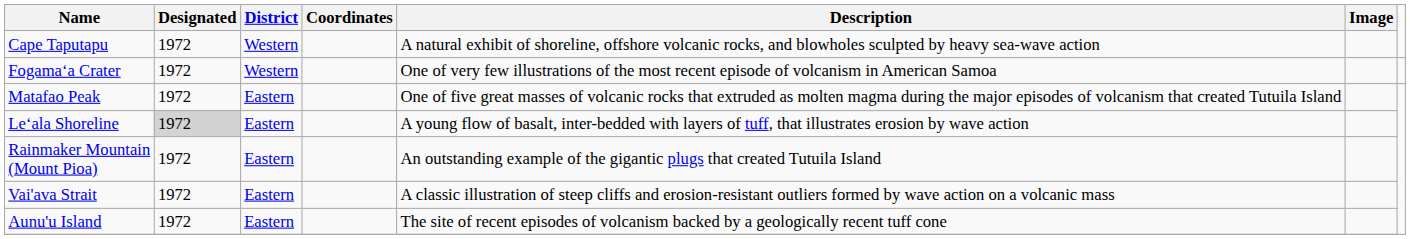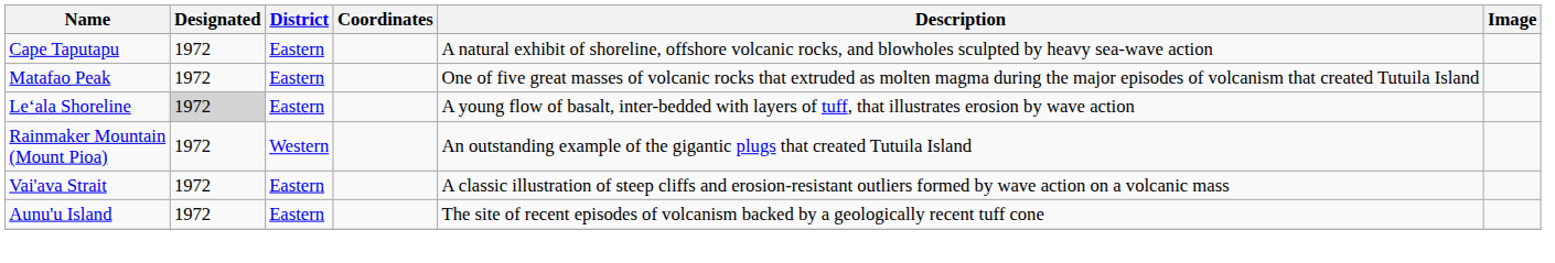 <table class="wikitable sortable" align="center">
 <tr>
 <th style="background-color:"><strong>Name</strong></th>
 <th style="background-color:"><strong>Designated</strong></th>
 <th style="background-color:"><strong><a href='#'>District</a></strong></th>
 <th style="background-color:"><strong>Coordinates</strong></th>
 <th style="background-color:"><strong>Description</strong></th>
 <th style="background-color:"><strong>Image</strong></th>
 </tr>
 <tr>
 <td><a href='#'>Cape Taputapu</a></td>
 <td>1972</td>
-<td><a href='#'>Western</a></td>
+<td><a href='#'>Eastern</a></td>
 <td></td>
 <td>A natural exhibit of shoreline, offshore volcanic rocks, and blowholes sculpted by heavy sea-wave action</td>
-<td></td>
-</tr>
-<tr>
-<td><a href='#'>Fogamaʻa Crater</a></td>
-<td>1972</td>
-<td><a href='#'>Western</a></td>
-<td></td>
-<td>One of very few illustrations of the most recent episode of volcanism in American Samoa</td>
-<td></td>
 <td></td>
 </tr>
 <tr>
 <td><a href='#'>Matafao Peak</a></td>
 <td>1972</td>
 <td><a href='#'>Eastern</a></td>
 <td></td>
 <td>One of five great masses of volcanic rocks that extruded as molten magma during the major episodes of volcanism that created Tutuila Island</td>
 <td></td>
 </tr>
 <tr>
 <td><a href='#'>Leʻala Shoreline</a></td>
 <td style="background: lightgrey;">1972</td>
 <td><a href='#'>Eastern</a></td>
 <td></td>
 <td>A young flow of basalt, inter-bedded with layers of <a href='#'>tuff</a>, that illustrates erosion by wave action</td>
 <td></td>
 </tr>
 <tr>
 <td><a href='#'>Rainmaker Mountain<br>(Mount Pioa)</a></td>
 <td>1972</td>
-<td><a href='#'>Eastern</a></td>
+<td><a href='#'>Western</a></td>
 <td></td>
 <td>An outstanding example of the gigantic <a href='#'>plugs</a> that created Tutuila Island</td>
 <td></td>
 </tr>
 <tr>
 <td><a href='#'>Vai'ava Strait</a></td>
 <td>1972</td>
 <td><a href='#'>Eastern</a></td>
 <td></td>
 <td>A classic illustration of steep cliffs and erosion-resistant outliers formed by wave action on a volcanic mass</td>
 <td></td>
 </tr>
 <tr>
 <td><a href='#'>Aunu'u Island</a></td>
 <td>1972</td>
 <td><a href='#'>Eastern</a></td>
 <td></td>
 <td>The site of recent episodes of volcanism backed by a geologically recent tuff cone</td>
 <td></td>
 </tr>
 <tr>
 </tr>
 </table>
